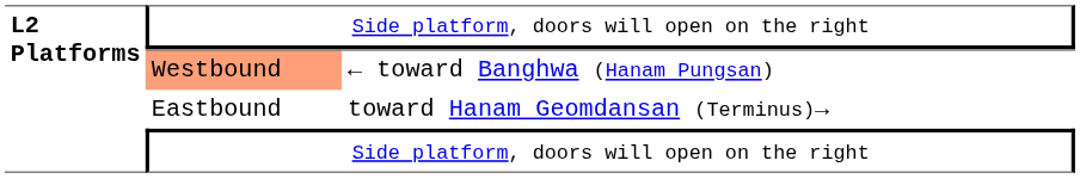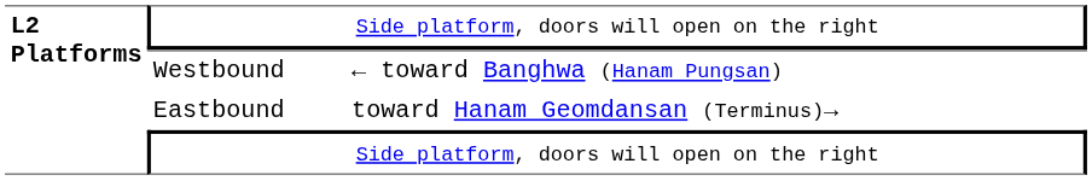 <table table border=0 cellspacing=0 cellpadding=3>
 <tr>
 <td style="border-top:solid 1px gray;border-bottom:solid 1px gray;" width=50 rowspan=10 valign=top><strong>L2<br>Platforms</strong></td>
 <td style="border-top:solid 1px gray;border-right:solid 2px black;border-left:solid 2px black;border-bottom:solid 2px black;text-align:center;" colspan=2><small><a href='#'>Side platform</a>, doors will open on the right</small></td>
 </tr>
 <tr>
-<td style="background: lightsalmon; border-bottom:solid 0px gray;border-top:solid 1px gray;" width=100>Westbound</td>
+<td style="border-bottom:solid 0px gray;border-top:solid 1px gray;" width=100>Westbound</td>
 <td style="border-bottom:solid 0px gray;border-top:solid 1px gray;" width=390>←  toward <a href='#'>Banghwa</a> <small>(<a href='#'>Hanam Pungsan</a>)</small></td>
 </tr>
 <tr>
 <td>Eastbound</td>
 <td>  toward <a href='#'>Hanam Geomdansan</a> <small>(Terminus)</small>→</td>
 </tr>
 <tr>
 <td style="border-top:solid 2px black;border-right:solid 2px black;border-left:solid 2px black;border-bottom:solid 1px gray;text-align:center;" colspan=2><small><a href='#'>Side platform</a>, doors will open on the right</small></td>
 </tr>
 </table>
